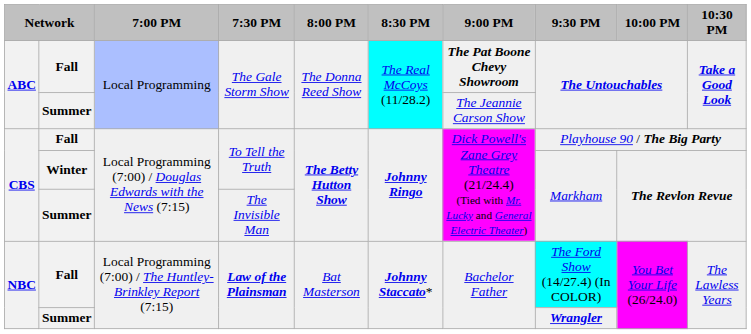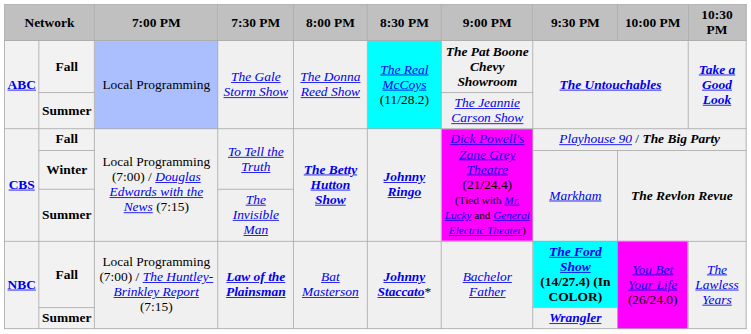 <table class="wikitable" style="width:100%;margin-right:0;text-align:center">
 <tr>
 <th colspan="2" style="background-color:#C0C0C0;text-align:center">Network</th>
 <th style="background-color:#C0C0C0;text-align:center">7:00 PM</th>
 <th style="background-color:#C0C0C0;text-align:center">7:30 PM</th>
 <th style="background-color:#C0C0C0;text-align:center">8:00 PM</th>
 <th style="background-color:#C0C0C0;text-align:center">8:30 PM</th>
 <th style="background-color:#C0C0C0;text-align:center">9:00 PM</th>
 <th style="background-color:#C0C0C0;text-align:center">9:30 PM</th>
 <th style="background-color:#C0C0C0;text-align:center">10:00 PM</th>
 <th style="background-color:#C0C0C0;text-align:center">10:30 PM</th>
 </tr>
 <tr>
 <th rowspan="2"><a href='#'>ABC</a></th>
 <th>Fall</th>
 <td bgcolor="#ABBFFF" rowspan="2">Local Programming</td>
 <td bgcolor="#F0F0F0" rowspan="2"><em><a href='#'>The Gale Storm Show</a></em></td>
 <td bgcolor="#F0F0F0" rowspan="2"><em><a href='#'>The Donna Reed Show</a></em></td>
 <td bgcolor="#00FFFF" rowspan="2"><em><a href='#'>The Real McCoys</a></em> (11/28.2)</td>
 <td bgcolor="#F0F0F0"><strong><em>The Pat Boone Chevy Showroom</em></strong></td>
 <td bgcolor="#F0F0F0" colspan="2" rowspan="2"><strong><em><a href='#'>The Untouchables</a></em></strong></td>
 <td bgcolor="#F0F0F0" rowspan="2"><strong><em><a href='#'>Take a Good Look</a></em></strong></td>
 </tr>
 <tr>
 <th>Summer</th>
 <td bgcolor="#F0F0F0"><em><a href='#'>The Jeannie Carson Show</a></em></td>
 </tr>
 <tr>
 <th rowspan="3"><a href='#'>CBS</a></th>
 <th>Fall</th>
 <td rowspan="3" bgcolor="#F0F0F0">Local Programming (7:00) / <em><a href='#'>Douglas Edwards with the News</a></em> (7:15)</td>
 <td bgcolor="#F0F0F0" rowspan="2"><em><a href='#'>To Tell the Truth</a></em></td>
 <td bgcolor="#F0F0F0" rowspan="3"><strong><em><a href='#'>The Betty Hutton Show</a></em></strong></td>
 <td bgcolor="#F0F0F0" rowspan="3"><strong><em><a href='#'>Johnny Ringo</a></em></strong></td>
 <td bgcolor="#FF00FF" rowspan="3"><em><a href='#'>Dick Powell's Zane Grey Theatre</a></em> (21/24.4)<br><small>(Tied with <em><a href='#'>Mr. Lucky</a></em> and <em><a href='#'>General Electric Theater</a></em>)</small></td>
 <td bgcolor="#F0F0F0" colspan="3"><em><a href='#'>Playhouse 90</a></em> / <strong><em>The Big Party</em></strong></td>
 </tr>
 <tr>
 <th>Winter</th>
 <td bgcolor="#F0F0F0" rowspan="2"><em><a href='#'>Markham</a></em></td>
 <td bgcolor="#F0F0F0" colspan="2" rowspan="2"><strong><em>The Revlon Revue</em></strong></td>
 </tr>
 <tr>
 <th>Summer</th>
 <td bgcolor="#F0F0F0"><em><a href='#'>The Invisible Man</a></em></td>
 </tr>
 <tr>
 <th rowspan="2"><a href='#'>NBC</a></th>
 <th>Fall</th>
 <td bgcolor="#F0F0F0" rowspan="2">Local Programming (7:00) / <em><a href='#'>The Huntley-Brinkley Report</a></em> (7:15)</td>
 <td bgcolor="#F0F0F0" rowspan="2"><strong><em><a href='#'>Law of the Plainsman</a></em></strong></td>
 <td bgcolor="#F0F0F0" rowspan="2"><em><a href='#'>Bat Masterson</a></em></td>
 <td bgcolor="#F0F0F0" rowspan="2"><strong><em><a href='#'>Johnny Staccato</a></em></strong>*</td>
 <td bgcolor="#F0F0F0" rowspan="2"><em><a href='#'>Bachelor Father</a></em></td>
-<td bgcolor="#00FFFF"><em><a href='#'>The Ford Show</a></em> (14/27.4) (In <span>C</span><span>O</span><span>L</span><span>O</span><span>R</span>)</td>
+<td bgcolor="#00FFFF"><strong><em><a href='#'>The Ford Show</a></em> (14/27.4) (In <span>C</span><span>O</span><span>L</span><span>O</span><span>R</span>)</strong></td>
 <td bgcolor="#FF00FF" rowspan="2"><em><a href='#'>You Bet Your Life</a></em> (26/24.0)</td>
 <td bgcolor="#F0F0F0" rowspan="2"><em><a href='#'>The Lawless Years</a></em></td>
 </tr>
 <tr>
 <th>Summer</th>
 <td bgcolor="#F0F0F0"><strong><em><a href='#'>Wrangler</a></em></strong></td>
 </tr>
 </table>
